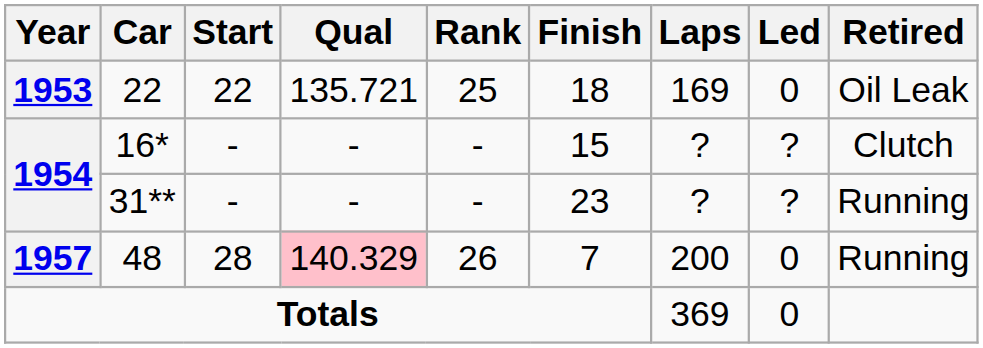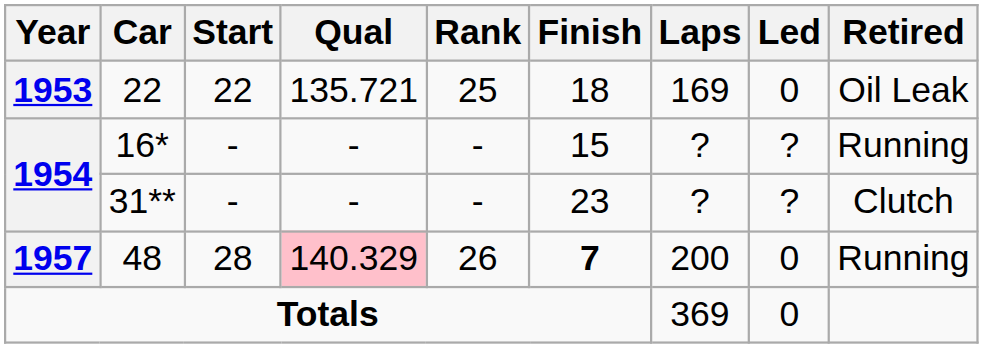 <table class="wikitable" style="text-align:center">
 <tr>
 <th>Year</th>
 <th>Car</th>
 <th>Start</th>
 <th>Qual</th>
 <th>Rank</th>
 <th>Finish</th>
 <th>Laps</th>
 <th>Led</th>
 <th>Retired</th>
 </tr>
 <tr>
 <th><a href='#'>1953</a></th>
 <td>22</td>
 <td>22</td>
 <td>135.721</td>
 <td>25</td>
 <td>18</td>
 <td>169</td>
 <td>0</td>
 <td>Oil Leak</td>
 </tr>
 <tr>
 <th rowspan="2"><a href='#'>1954</a></th>
 <td>16*</td>
 <td>-</td>
 <td>-</td>
 <td>-</td>
 <td>15</td>
 <td>?</td>
 <td>?</td>
-<td>Clutch</td>
+<td>Running</td>
 </tr>
 <tr>
 <td>31**</td>
 <td>-</td>
 <td>-</td>
 <td>-</td>
 <td>23</td>
 <td>?</td>
 <td>?</td>
-<td>Running</td>
+<td>Clutch</td>
 </tr>
 <tr>
 <th><a href='#'>1957</a></th>
 <td>48</td>
 <td>28</td>
 <td style="background: pink;">140.329</td>
 <td>26</td>
-<td>7</td>
+<td><strong>7</strong></td>
 <td>200</td>
 <td>0</td>
 <td>Running</td>
 </tr>
 <tr>
 <td colspan=6><strong>Totals</strong></td>
 <td>369</td>
 <td>0</td>
 <td></td>
 </tr>
 </table>
